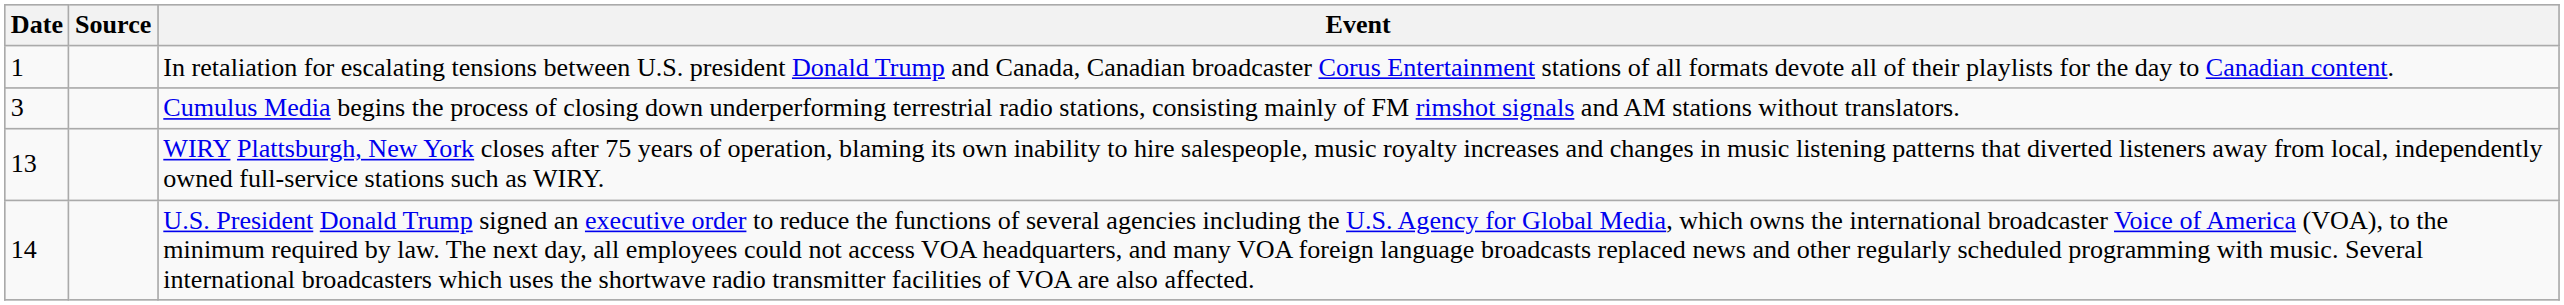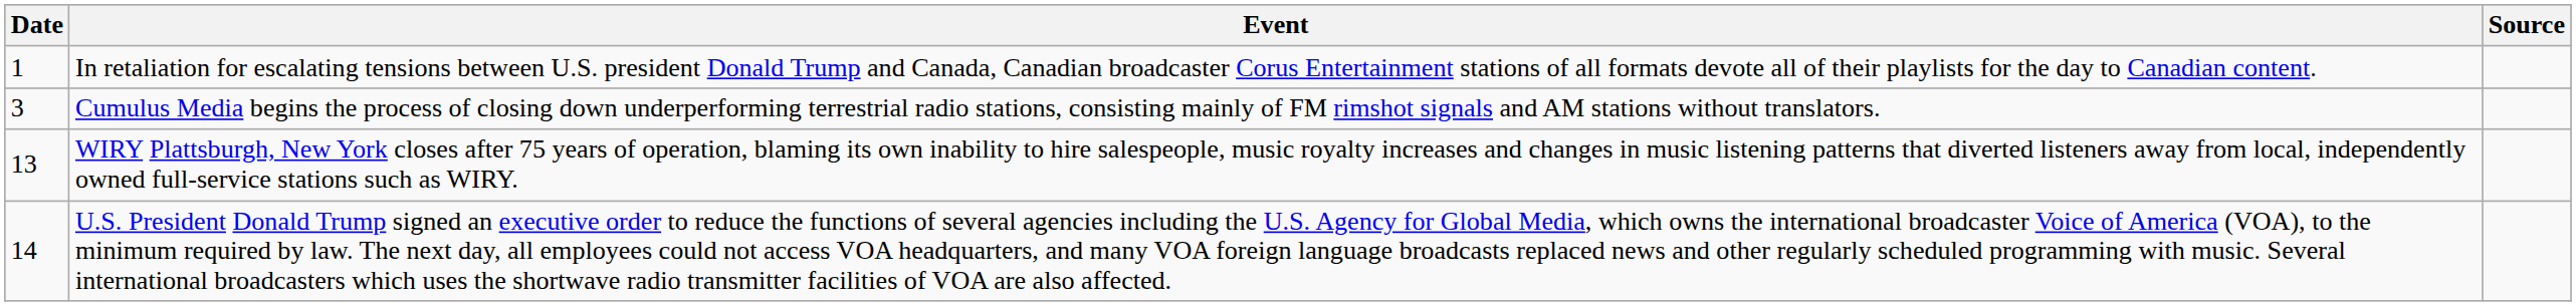 <table class=wikitable>
 <tr>
 <th>Date</th>
+<th>Event</th>
 <th>Source</th>
-<th>Event</th>
 </tr>
 <tr>
 <td>1</td>
+<td>In retaliation for escalating tensions between U.S. president <a href='#'>Donald Trump</a> and Canada, Canadian broadcaster <a href='#'>Corus Entertainment</a> stations of all formats devote all of their playlists for the day to <a href='#'>Canadian content</a>.</td>
 <td></td>
-<td>In retaliation for escalating tensions between U.S. president <a href='#'>Donald Trump</a> and Canada, Canadian broadcaster <a href='#'>Corus Entertainment</a> stations of all formats devote all of their playlists for the day to <a href='#'>Canadian content</a>.</td>
 </tr>
 <tr>
 <td>3</td>
+<td><a href='#'>Cumulus Media</a> begins the process of closing down underperforming terrestrial radio stations, consisting mainly of FM <a href='#'>rimshot signals</a> and AM stations without translators.</td>
 <td></td>
-<td><a href='#'>Cumulus Media</a> begins the process of closing down underperforming terrestrial radio stations, consisting mainly of FM <a href='#'>rimshot signals</a> and AM stations without translators.</td>
 </tr>
 <tr>
 <td>13</td>
+<td><a href='#'>WIRY</a> <a href='#'>Plattsburgh, New York</a> closes after 75 years of operation, blaming its own inability to hire salespeople, music royalty increases and changes in music listening patterns that diverted listeners away from local, independently owned full-service stations such as WIRY.</td>
 <td></td>
-<td><a href='#'>WIRY</a> <a href='#'>Plattsburgh, New York</a> closes after 75 years of operation, blaming its own inability to hire salespeople, music royalty increases and changes in music listening patterns that diverted listeners away from local, independently owned full-service stations such as WIRY.</td>
 </tr>
 <tr>
 <td>14</td>
+<td><a href='#'>U.S. President</a> <a href='#'>Donald Trump</a> signed an <a href='#'>executive order</a> to reduce the functions of several agencies including the <a href='#'>U.S. Agency for Global Media</a>, which owns the international broadcaster <a href='#'>Voice of America</a> (VOA), to the minimum required by law. The next day, all employees could not access VOA headquarters, and many VOA foreign language broadcasts replaced news and other regularly scheduled programming with music. Several international broadcasters which uses the shortwave radio transmitter facilities of VOA are also affected.</td>
 <td></td>
-<td><a href='#'>U.S. President</a> <a href='#'>Donald Trump</a> signed an <a href='#'>executive order</a> to reduce the functions of several agencies including the <a href='#'>U.S. Agency for Global Media</a>, which owns the international broadcaster <a href='#'>Voice of America</a> (VOA), to the minimum required by law. The next day, all employees could not access VOA headquarters, and many VOA foreign language broadcasts replaced news and other regularly scheduled programming with music. Several international broadcasters which uses the shortwave radio transmitter facilities of VOA are also affected.</td>
 </tr>
 </table>
